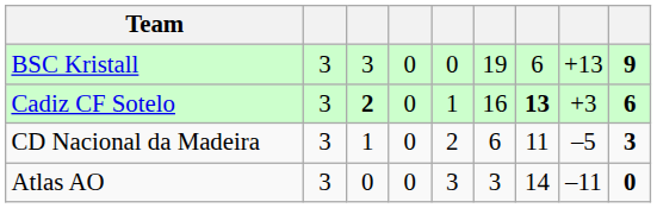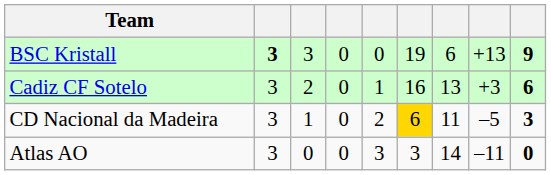 <table class="wikitable" style="text-align: center;">
 <tr>
 <th width="185">Team</th>
 <th width="20"></th>
 <th width="20"></th>
 <th width="20"></th>
 <th width="20"></th>
 <th width="20"></th>
 <th width="20"></th>
 <th width="25"></th>
 <th width="20"></th>
 </tr>
 <tr bgcolor=#ccffcc>
 <td align=left> <a href='#'>BSC Kristall</a></td>
-<td>3</td>
+<td><strong>3</strong></td>
 <td>3</td>
 <td>0</td>
 <td>0</td>
 <td>19</td>
 <td>6</td>
 <td>+13</td>
 <td><strong>9</strong></td>
 </tr>
 <tr bgcolor=#ccffcc>
 <td align=left> <a href='#'>Cadiz CF Sotelo</a></td>
 <td>3</td>
-<td><strong>2</strong></td>
+<td>2</td>
 <td>0</td>
 <td>1</td>
 <td>16</td>
-<td><strong>13</strong></td>
+<td>13</td>
 <td>+3</td>
 <td><strong>6</strong></td>
 </tr>
 <tr>
 <td align=left> CD Nacional da Madeira</td>
 <td>3</td>
 <td>1</td>
 <td>0</td>
 <td>2</td>
-<td>6</td>
+<td style="background: gold;">6</td>
 <td>11</td>
 <td>–5</td>
 <td><strong>3</strong></td>
 </tr>
 <tr>
 <td align=left> Atlas AO</td>
 <td>3</td>
 <td>0</td>
 <td>0</td>
 <td>3</td>
 <td>3</td>
 <td>14</td>
 <td>–11</td>
 <td><strong>0</strong></td>
 </tr>
 </table>
